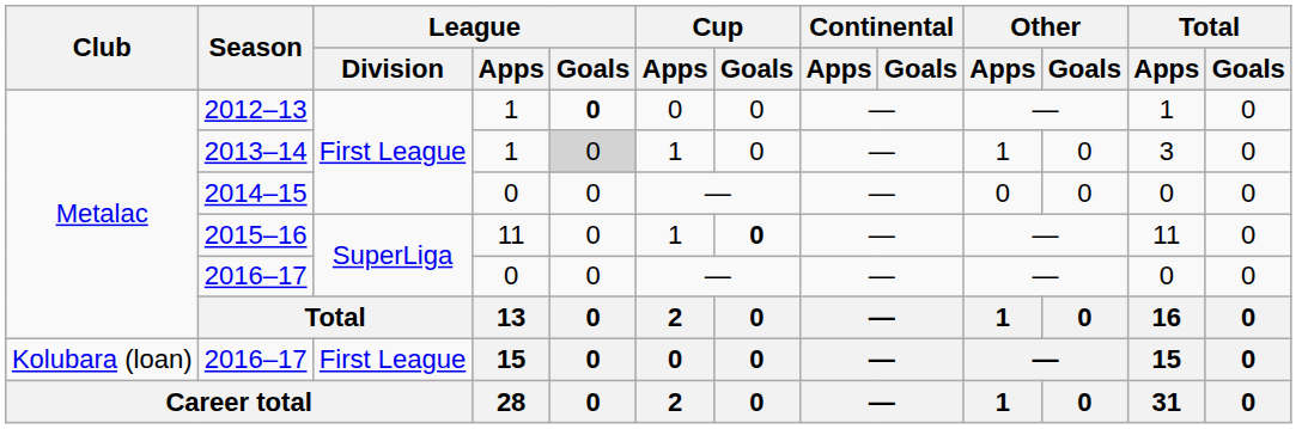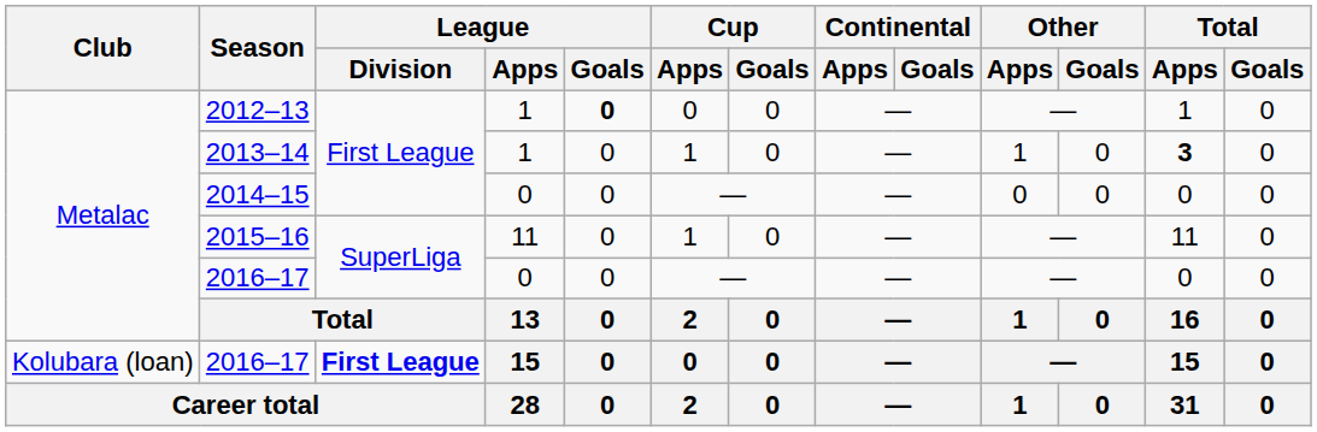 <table class="wikitable" style="text-align: center;font-size:90%">
 <tr>
 <th rowspan="2">Club</th>
 <th rowspan="2">Season</th>
 <th colspan="3">League</th>
 <th colspan="2">Cup</th>
 <th colspan="2">Continental</th>
 <th colspan="2">Other</th>
 <th colspan="2">Total</th>
 </tr>
 <tr>
 <th>Division</th>
 <th>Apps</th>
 <th>Goals</th>
 <th>Apps</th>
 <th>Goals</th>
 <th>Apps</th>
 <th>Goals</th>
 <th>Apps</th>
 <th>Goals</th>
 <th>Apps</th>
 <th>Goals</th>
 </tr>
 <tr>
 <td rowspan="6" valign="center"><a href='#'>Metalac</a></td>
 <td><a href='#'>2012–13</a></td>
 <td rowspan=3><a href='#'>First League</a></td>
 <td>1</td>
 <td><strong>0</strong></td>
 <td>0</td>
 <td>0</td>
 <td colspan="2">—</td>
 <td colspan="2">—</td>
 <td>1</td>
 <td>0</td>
 </tr>
 <tr>
 <td><a href='#'>2013–14</a></td>
 <td>1</td>
-<td style="background: lightgrey;">0</td>
+<td>0</td>
 <td>1</td>
 <td>0</td>
 <td colspan="2">—</td>
 <td>1</td>
 <td>0</td>
-<td>3</td>
+<td><strong>3</strong></td>
 <td>0</td>
 </tr>
 <tr>
 <td><a href='#'>2014–15</a></td>
 <td>0</td>
 <td>0</td>
 <td colspan="2">—</td>
 <td colspan="2">—</td>
 <td>0</td>
 <td>0</td>
 <td>0</td>
 <td>0</td>
 </tr>
 <tr>
 <td><a href='#'>2015–16</a></td>
 <td rowspan=2><a href='#'>SuperLiga</a></td>
 <td>11</td>
 <td>0</td>
 <td>1</td>
-<td><strong>0</strong></td>
+<td>0</td>
 <td colspan="2">—</td>
 <td colspan="2">—</td>
 <td>11</td>
 <td>0</td>
 </tr>
 <tr>
 <td><a href='#'>2016–17</a></td>
 <td>0</td>
 <td>0</td>
 <td colspan="2">—</td>
 <td colspan="2">—</td>
 <td colspan="2">—</td>
 <td>0</td>
 <td>0</td>
 </tr>
 <tr>
 <th colspan="2">Total</th>
 <th>13</th>
 <th>0</th>
 <th>2</th>
 <th>0</th>
 <th colspan="2">—</th>
 <th>1</th>
 <th>0</th>
 <th>16</th>
 <th>0</th>
 </tr>
 <tr>
 <td><a href='#'>Kolubara</a> (loan)</td>
 <td><a href='#'>2016–17</a></td>
-<td><a href='#'>First League</a></td>
+<td><strong><a href='#'>First League</a></strong></td>
 <th>15</th>
 <th>0</th>
 <th>0</th>
 <th>0</th>
 <th colspan="2">—</th>
 <th colspan="2">—</th>
 <th>15</th>
 <th>0</th>
 </tr>
 <tr>
 <th colspan="3">Career total</th>
 <th>28</th>
 <th>0</th>
 <th>2</th>
 <th>0</th>
 <th colspan="2">—</th>
 <th>1</th>
 <th>0</th>
 <th>31</th>
 <th>0</th>
 </tr>
 </table>
